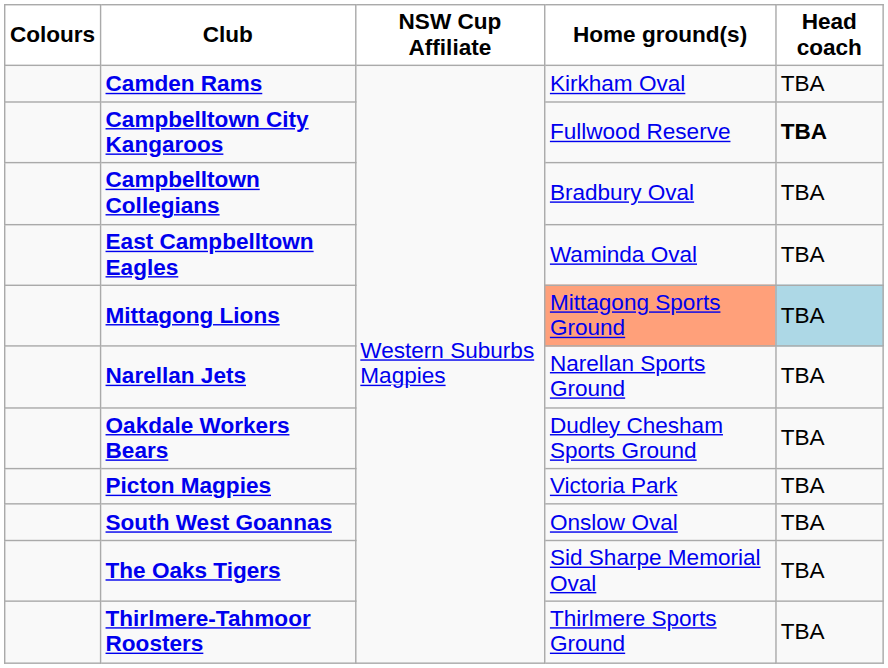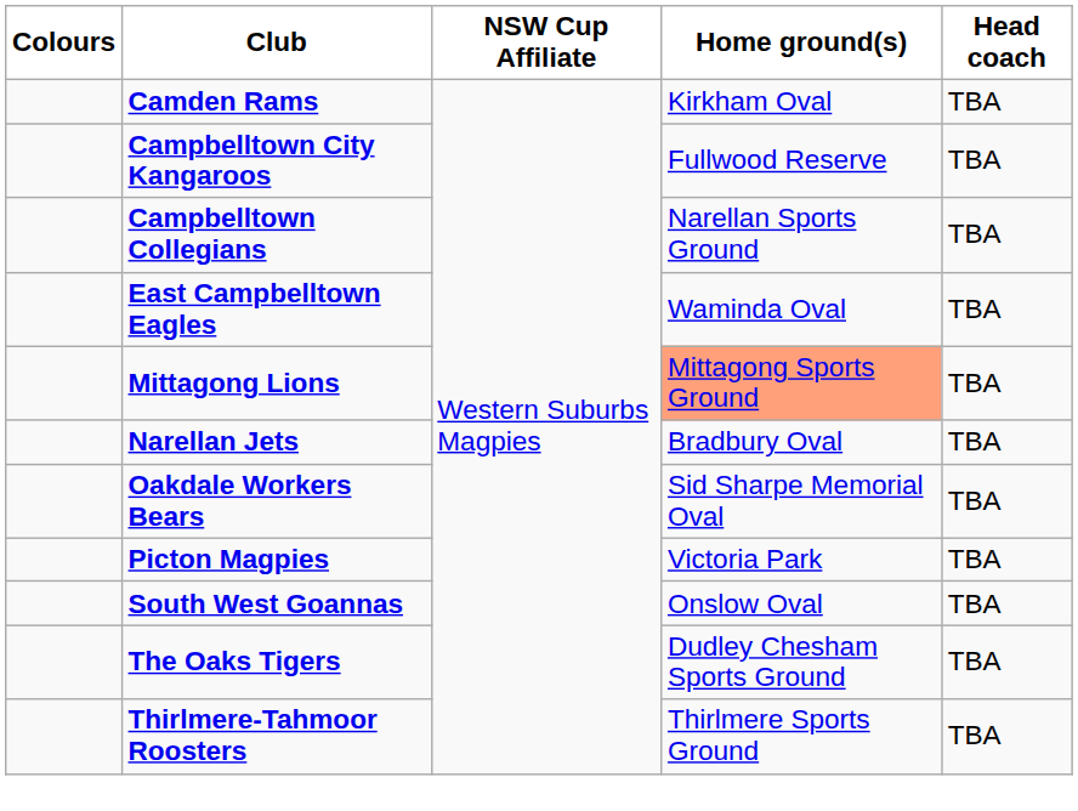 <table class="wikitable" style="width:100%;">
 <tr>
 <th style="background:white">Colours</th>
 <th style="background:white">Club</th>
 <th style="background:white">NSW Cup Affiliate</th>
 <th style="background:white">Home ground(s)</th>
 <th style="background:white">Head coach</th>
 </tr>
 <tr>
 <td></td>
 <td><strong><a href='#'>Camden Rams</a></strong></td>
 <td rowspan="11"> <a href='#'>Western Suburbs Magpies</a></td>
 <td><a href='#'>Kirkham Oval</a></td>
 <td>TBA</td>
 </tr>
 <tr>
 <td></td>
 <td><strong><a href='#'>Campbelltown City Kangaroos</a></strong></td>
 <td><a href='#'>Fullwood Reserve</a></td>
-<td><strong>TBA</strong></td>
+<td>TBA</td>
 </tr>
 <tr>
 <td></td>
 <td><strong><a href='#'>Campbelltown Collegians</a></strong></td>
-<td><a href='#'>Bradbury Oval</a></td>
+<td><a href='#'>Narellan Sports Ground</a></td>
 <td>TBA</td>
 </tr>
 <tr>
 <td></td>
 <td><strong><a href='#'>East Campbelltown Eagles</a></strong></td>
 <td><a href='#'>Waminda Oval</a></td>
 <td>TBA</td>
 </tr>
 <tr>
 <td></td>
 <td><strong><a href='#'>Mittagong Lions</a></strong></td>
 <td style="background: lightsalmon;"><a href='#'>Mittagong Sports Ground</a></td>
-<td style="background: lightblue;">TBA</td>
+<td>TBA</td>
 </tr>
 <tr>
 <td></td>
 <td><strong><a href='#'>Narellan Jets</a></strong></td>
-<td><a href='#'>Narellan Sports Ground</a></td>
+<td><a href='#'>Bradbury Oval</a></td>
 <td>TBA</td>
 </tr>
 <tr>
 <td></td>
 <td><strong><a href='#'>Oakdale Workers Bears</a></strong></td>
-<td><a href='#'>Dudley Chesham Sports Ground</a></td>
+<td><a href='#'>Sid Sharpe Memorial Oval</a></td>
 <td>TBA</td>
 </tr>
 <tr>
 <td></td>
 <td><strong><a href='#'>Picton Magpies</a></strong></td>
 <td><a href='#'>Victoria Park</a></td>
 <td>TBA</td>
 </tr>
 <tr>
 <td></td>
 <td><strong><a href='#'>South West Goannas</a></strong></td>
 <td><a href='#'>Onslow Oval</a></td>
 <td>TBA</td>
 </tr>
 <tr>
 <td></td>
 <td><strong><a href='#'>The Oaks Tigers</a></strong></td>
-<td><a href='#'>Sid Sharpe Memorial Oval</a></td>
+<td><a href='#'>Dudley Chesham Sports Ground</a></td>
 <td>TBA</td>
 </tr>
 <tr>
 <td></td>
 <td><strong><a href='#'>Thirlmere-Tahmoor Roosters</a></strong></td>
 <td><a href='#'>Thirlmere Sports Ground</a></td>
 <td>TBA</td>
 </tr>
 </table>
